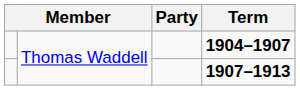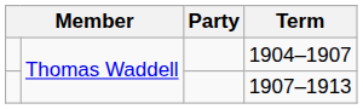 <table class="wikitable">
 <tr>
 <th colspan="2">Member</th>
 <th>Party</th>
 <th>Term</th>
 </tr>
 <tr>
 <td> </td>
 <td rowspan="2"><a href='#'>Thomas Waddell</a></td>
 <td></td>
-<td><strong>1904–1907</strong></td>
+<td>1904–1907</td>
 </tr>
 <tr>
 <td> </td>
 <td></td>
-<td><strong>1907–1913</strong></td>
+<td>1907–1913</td>
 </tr>
 </table>
